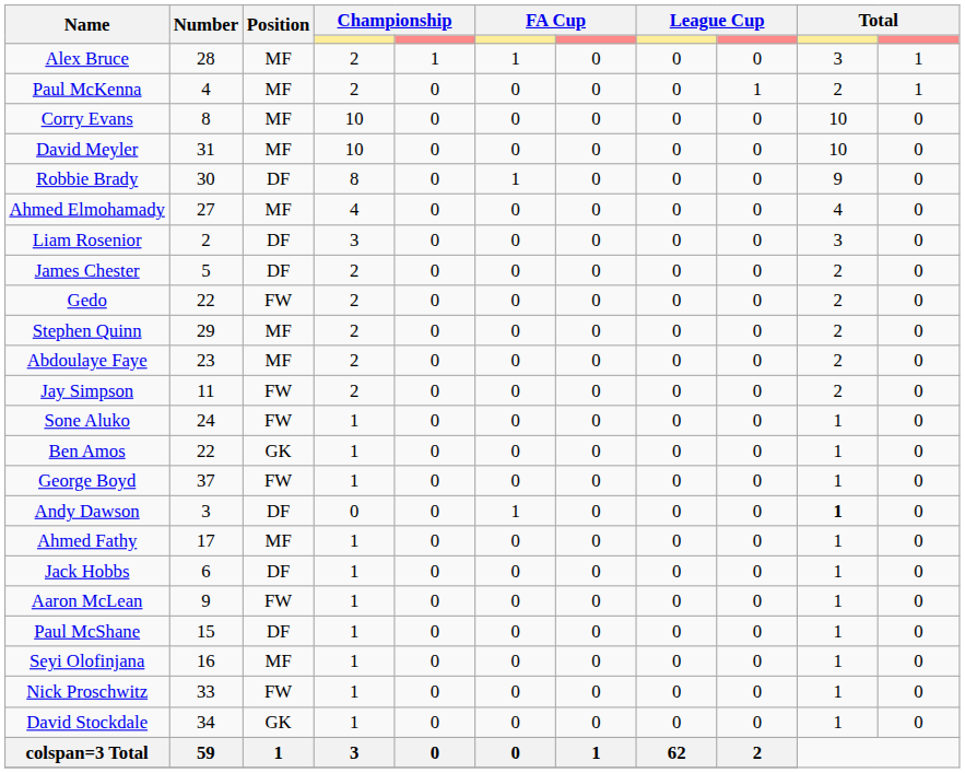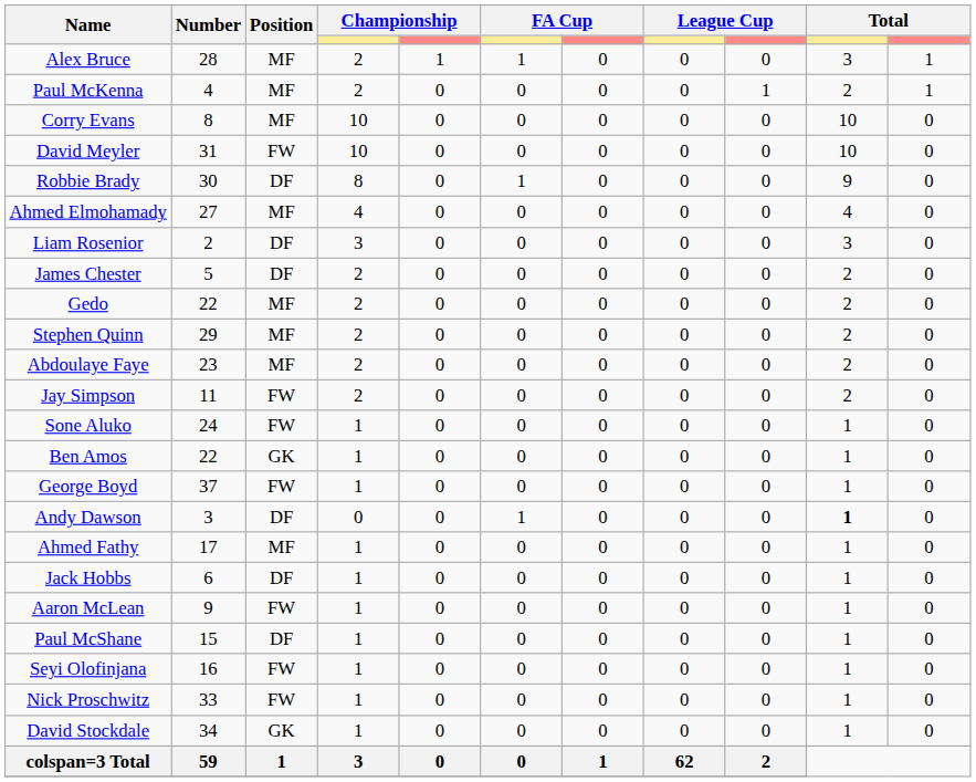 <table class="wikitable" style="font-size: 95%; text-align: center;">
 <tr>
 <th rowspan=2>Name</th>
 <th rowspan=2>Number</th>
 <th rowspan=2>Position</th>
 <th colspan=2><a href='#'>Championship</a></th>
 <th colspan=2><a href='#'>FA Cup</a></th>
 <th colspan=2><a href='#'>League Cup</a></th>
 <th colspan=2>Total</th>
 </tr>
 <tr>
 <th width=60 style="background:#FFEE99"></th>
 <th width=60 style="background:#FF8888"></th>
 <th width=60 style="background:#FFEE99"></th>
 <th width=60 style="background:#FF8888"></th>
 <th width=60 style="background:#FFEE99"></th>
 <th width=60 style="background:#FF8888"></th>
 <th width=60 style="background:#FFEE99"></th>
 <th width=60 style="background:#FF8888"></th>
 </tr>
 <tr>
 <td><a href='#'>Alex Bruce</a></td>
 <td>28</td>
 <td>MF</td>
 <td>2</td>
 <td>1</td>
 <td>1</td>
 <td>0</td>
 <td>0</td>
 <td>0</td>
 <td>3</td>
 <td>1</td>
 </tr>
 <tr>
 <td><a href='#'>Paul McKenna</a></td>
 <td>4</td>
 <td>MF</td>
 <td>2</td>
 <td>0</td>
 <td>0</td>
 <td>0</td>
 <td>0</td>
 <td>1</td>
 <td>2</td>
 <td>1</td>
 </tr>
 <tr>
 <td><a href='#'>Corry Evans</a></td>
 <td>8</td>
 <td>MF</td>
 <td>10</td>
 <td>0</td>
 <td>0</td>
 <td>0</td>
 <td>0</td>
 <td>0</td>
 <td>10</td>
 <td>0</td>
 </tr>
 <tr>
 <td><a href='#'>David Meyler</a></td>
 <td>31</td>
-<td>MF</td>
+<td>FW</td>
 <td>10</td>
 <td>0</td>
 <td>0</td>
 <td>0</td>
 <td>0</td>
 <td>0</td>
 <td>10</td>
 <td>0</td>
 </tr>
 <tr>
 <td><a href='#'>Robbie Brady</a></td>
 <td>30</td>
 <td>DF</td>
 <td>8</td>
 <td>0</td>
 <td>1</td>
 <td>0</td>
 <td>0</td>
 <td>0</td>
 <td>9</td>
 <td>0</td>
 </tr>
 <tr>
 <td><a href='#'>Ahmed Elmohamady</a></td>
 <td>27</td>
 <td>MF</td>
 <td>4</td>
 <td>0</td>
 <td>0</td>
 <td>0</td>
 <td>0</td>
 <td>0</td>
 <td>4</td>
 <td>0</td>
 </tr>
 <tr>
 <td><a href='#'>Liam Rosenior</a></td>
 <td>2</td>
 <td>DF</td>
 <td>3</td>
 <td>0</td>
 <td>0</td>
 <td>0</td>
 <td>0</td>
 <td>0</td>
 <td>3</td>
 <td>0</td>
 </tr>
 <tr>
 <td><a href='#'>James Chester</a></td>
 <td>5</td>
 <td>DF</td>
 <td>2</td>
 <td>0</td>
 <td>0</td>
 <td>0</td>
 <td>0</td>
 <td>0</td>
 <td>2</td>
 <td>0</td>
 </tr>
 <tr>
 <td><a href='#'>Gedo</a></td>
 <td>22</td>
-<td>FW</td>
+<td>MF</td>
 <td>2</td>
 <td>0</td>
 <td>0</td>
 <td>0</td>
 <td>0</td>
 <td>0</td>
 <td>2</td>
 <td>0</td>
 </tr>
 <tr>
 <td><a href='#'>Stephen Quinn</a></td>
 <td>29</td>
 <td>MF</td>
 <td>2</td>
 <td>0</td>
 <td>0</td>
 <td>0</td>
 <td>0</td>
 <td>0</td>
 <td>2</td>
 <td>0</td>
 </tr>
 <tr>
 <td><a href='#'>Abdoulaye Faye</a></td>
 <td>23</td>
 <td>MF</td>
 <td>2</td>
 <td>0</td>
 <td>0</td>
 <td>0</td>
 <td>0</td>
 <td>0</td>
 <td>2</td>
 <td>0</td>
 </tr>
 <tr>
 <td><a href='#'>Jay Simpson</a></td>
 <td>11</td>
 <td>FW</td>
 <td>2</td>
 <td>0</td>
 <td>0</td>
 <td>0</td>
 <td>0</td>
 <td>0</td>
 <td>2</td>
 <td>0</td>
 </tr>
 <tr>
 <td><a href='#'>Sone Aluko</a></td>
 <td>24</td>
 <td>FW</td>
 <td>1</td>
 <td>0</td>
 <td>0</td>
 <td>0</td>
 <td>0</td>
 <td>0</td>
 <td>1</td>
 <td>0</td>
 </tr>
 <tr>
 <td><a href='#'>Ben Amos</a></td>
 <td>22</td>
 <td>GK</td>
 <td>1</td>
 <td>0</td>
 <td>0</td>
 <td>0</td>
 <td>0</td>
 <td>0</td>
 <td>1</td>
 <td>0</td>
 </tr>
 <tr>
 <td><a href='#'>George Boyd</a></td>
 <td>37</td>
 <td>FW</td>
 <td>1</td>
 <td>0</td>
 <td>0</td>
 <td>0</td>
 <td>0</td>
 <td>0</td>
 <td>1</td>
 <td>0</td>
 </tr>
 <tr>
 <td><a href='#'>Andy Dawson</a></td>
 <td>3</td>
 <td>DF</td>
 <td>0</td>
 <td>0</td>
 <td>1</td>
 <td>0</td>
 <td>0</td>
 <td>0</td>
 <td><strong>1</strong></td>
 <td>0</td>
 </tr>
 <tr>
 <td><a href='#'>Ahmed Fathy</a></td>
 <td>17</td>
 <td>MF</td>
 <td>1</td>
 <td>0</td>
 <td>0</td>
 <td>0</td>
 <td>0</td>
 <td>0</td>
 <td>1</td>
 <td>0</td>
 </tr>
 <tr>
 <td><a href='#'>Jack Hobbs</a></td>
 <td>6</td>
 <td>DF</td>
 <td>1</td>
 <td>0</td>
 <td>0</td>
 <td>0</td>
 <td>0</td>
 <td>0</td>
 <td>1</td>
 <td>0</td>
 </tr>
 <tr>
 <td><a href='#'>Aaron McLean</a></td>
 <td>9</td>
 <td>FW</td>
 <td>1</td>
 <td>0</td>
 <td>0</td>
 <td>0</td>
 <td>0</td>
 <td>0</td>
 <td>1</td>
 <td>0</td>
 </tr>
 <tr>
 <td><a href='#'>Paul McShane</a></td>
 <td>15</td>
 <td>DF</td>
 <td>1</td>
 <td>0</td>
 <td>0</td>
 <td>0</td>
 <td>0</td>
 <td>0</td>
 <td>1</td>
 <td>0</td>
 </tr>
 <tr>
 <td><a href='#'>Seyi Olofinjana</a></td>
 <td>16</td>
-<td>MF</td>
+<td>FW</td>
 <td>1</td>
 <td>0</td>
 <td>0</td>
 <td>0</td>
 <td>0</td>
 <td>0</td>
 <td>1</td>
 <td>0</td>
 </tr>
 <tr>
 <td><a href='#'>Nick Proschwitz</a></td>
 <td>33</td>
 <td>FW</td>
 <td>1</td>
 <td>0</td>
 <td>0</td>
 <td>0</td>
 <td>0</td>
 <td>0</td>
 <td>1</td>
 <td>0</td>
 </tr>
 <tr>
 <td><a href='#'>David Stockdale</a></td>
 <td>34</td>
 <td>GK</td>
 <td>1</td>
 <td>0</td>
 <td>0</td>
 <td>0</td>
 <td>0</td>
 <td>0</td>
 <td>1</td>
 <td>0</td>
 </tr>
 <tr>
 <th>colspan=3 Total</th>
 <th>59</th>
 <th>1</th>
 <th>3</th>
 <th>0</th>
 <th>0</th>
 <th>1</th>
 <th>62</th>
 <th>2</th>
 </tr>
 <tr>
 </tr>
 </table>
